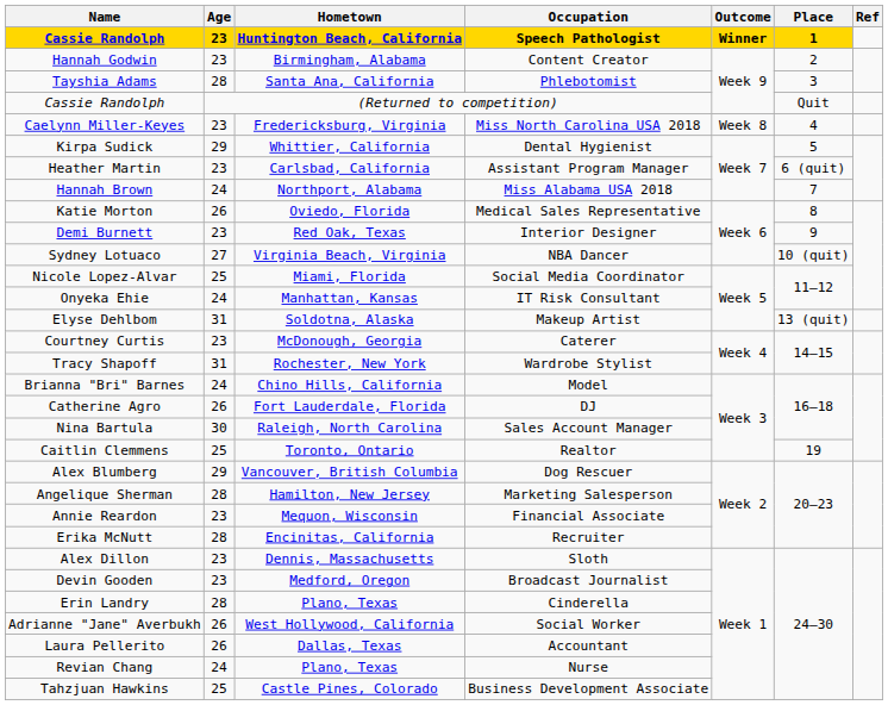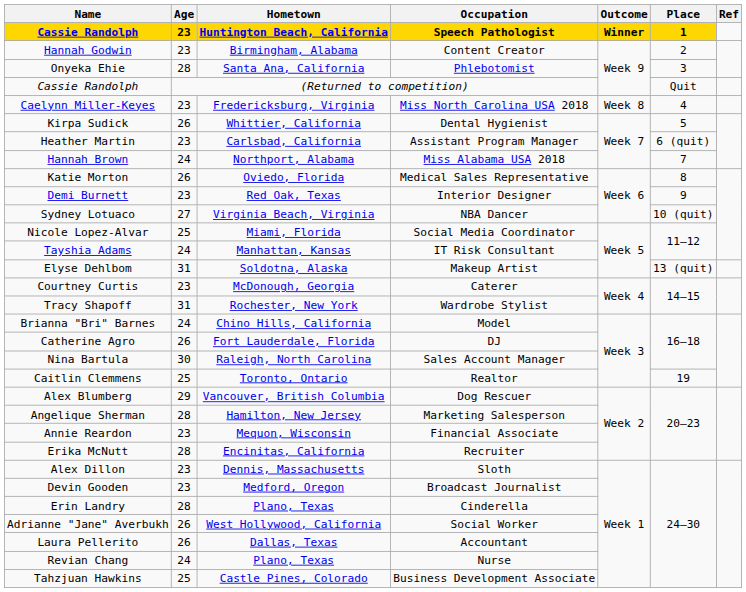 <table class="wikitable sortable" style="text-align:center;">
 <tr>
 <th>Name</th>
 <th>Age</th>
 <th>Hometown</th>
 <th>Occupation</th>
 <th>Outcome</th>
 <th>Place</th>
 <th>Ref</th>
 </tr>
 <tr>
 <td bgcolor="gold"><strong><a href='#'>Cassie Randolph</a></strong></td>
 <td bgcolor="gold"><strong>23</strong></td>
 <td bgcolor="gold"><strong><a href='#'>Huntington Beach, California</a></strong></td>
 <td bgcolor="gold"><strong>Speech Pathologist</strong></td>
 <td bgcolor="gold"><strong>Winner</strong></td>
 <td bgcolor="gold"><strong>1</strong></td>
 <td></td>
 </tr>
 <tr>
 <td><a href='#'>Hannah Godwin</a></td>
 <td>23</td>
 <td><a href='#'>Birmingham, Alabama</a></td>
 <td>Content Creator</td>
 <td rowspan="3">Week 9</td>
 <td>2</td>
 <td rowspan="2"></td>
 </tr>
 <tr>
-<td><a href='#'>Tayshia Adams</a></td>
+<td>Onyeka Ehie</td>
 <td>28</td>
 <td><a href='#'>Santa Ana, California</a></td>
 <td><a href='#'>Phlebotomist</a></td>
 <td>3</td>
 </tr>
 <tr>
 <td><em>Cassie Randolph</em></td>
 <td colspan="3"><em>(Returned to competition)</em></td>
 <td>Quit</td>
 <td></td>
 </tr>
 <tr>
 <td><a href='#'>Caelynn Miller-Keyes</a></td>
 <td>23</td>
 <td><a href='#'>Fredericksburg, Virginia</a></td>
 <td><a href='#'>Miss North Carolina USA</a> 2018</td>
 <td>Week 8</td>
 <td>4</td>
 <td></td>
 </tr>
 <tr>
 <td>Kirpa Sudick</td>
-<td>29</td>
+<td>26</td>
 <td><a href='#'>Whittier, California</a></td>
 <td>Dental Hygienist</td>
 <td rowspan="3">Week 7</td>
 <td>5</td>
 <td rowspan="3"></td>
 </tr>
 <tr>
 <td>Heather Martin</td>
 <td>23</td>
 <td><a href='#'>Carlsbad, California</a></td>
 <td>Assistant Program Manager</td>
 <td>6 (quit)</td>
 </tr>
 <tr>
 <td><a href='#'>Hannah Brown</a></td>
 <td>24</td>
 <td><a href='#'>Northport, Alabama</a></td>
 <td><a href='#'>Miss Alabama USA</a> 2018</td>
 <td>7</td>
 </tr>
 <tr>
 <td>Katie Morton</td>
 <td>26</td>
 <td><a href='#'>Oviedo, Florida</a></td>
 <td>Medical Sales Representative</td>
 <td rowspan="3">Week 6</td>
 <td>8</td>
 <td rowspan="5"></td>
 </tr>
 <tr>
 <td><a href='#'>Demi Burnett</a></td>
 <td>23</td>
 <td><a href='#'>Red Oak, Texas</a></td>
 <td>Interior Designer</td>
 <td>9</td>
 </tr>
 <tr>
 <td>Sydney Lotuaco</td>
 <td>27</td>
 <td><a href='#'>Virginia Beach, Virginia</a></td>
 <td>NBA Dancer</td>
 <td>10 (quit)</td>
 </tr>
 <tr>
 <td>Nicole Lopez-Alvar</td>
 <td>25</td>
 <td><a href='#'>Miami, Florida</a></td>
 <td>Social Media Coordinator</td>
 <td rowspan="3">Week 5</td>
 <td rowspan="2">11–12</td>
 </tr>
 <tr>
-<td>Onyeka Ehie</td>
+<td><a href='#'>Tayshia Adams</a></td>
 <td>24</td>
 <td><a href='#'>Manhattan, Kansas</a></td>
 <td>IT Risk Consultant</td>
 </tr>
 <tr>
 <td>Elyse Dehlbom</td>
 <td>31</td>
 <td><a href='#'>Soldotna, Alaska</a></td>
 <td>Makeup Artist</td>
 <td>13 (quit)</td>
 <td></td>
 </tr>
 <tr>
 <td>Courtney Curtis</td>
 <td>23</td>
 <td><a href='#'>McDonough, Georgia</a></td>
 <td>Caterer</td>
 <td rowspan="2">Week 4</td>
 <td rowspan="2">14–15</td>
 <td rowspan="2"></td>
 </tr>
 <tr>
 <td>Tracy Shapoff</td>
 <td>31</td>
 <td><a href='#'>Rochester, New York</a></td>
 <td>Wardrobe Stylist</td>
 </tr>
 <tr>
 <td>Brianna "Bri" Barnes</td>
 <td>24</td>
 <td><a href='#'>Chino Hills, California</a></td>
 <td>Model</td>
 <td rowspan="4">Week 3</td>
 <td rowspan="3">16–18</td>
 <td rowspan="4"></td>
 </tr>
 <tr>
 <td>Catherine Agro</td>
 <td>26</td>
 <td><a href='#'>Fort Lauderdale, Florida</a></td>
 <td>DJ</td>
 </tr>
 <tr>
 <td>Nina Bartula</td>
 <td>30</td>
 <td><a href='#'>Raleigh, North Carolina</a></td>
 <td>Sales Account Manager</td>
 </tr>
 <tr>
 <td>Caitlin Clemmens</td>
 <td>25</td>
 <td><a href='#'>Toronto, Ontario</a></td>
 <td>Realtor</td>
 <td>19</td>
 </tr>
 <tr>
 <td>Alex Blumberg</td>
 <td>29</td>
 <td><a href='#'>Vancouver, British Columbia</a></td>
 <td>Dog Rescuer</td>
 <td rowspan="4">Week 2</td>
 <td rowspan="4">20–23</td>
 <td rowspan="4"></td>
 </tr>
 <tr>
 <td>Angelique Sherman</td>
 <td>28</td>
 <td><a href='#'>Hamilton, New Jersey</a></td>
 <td>Marketing Salesperson</td>
 </tr>
 <tr>
 <td>Annie Reardon</td>
 <td>23</td>
 <td><a href='#'>Mequon, Wisconsin</a></td>
 <td>Financial Associate</td>
 </tr>
 <tr>
 <td>Erika McNutt</td>
 <td>28</td>
 <td><a href='#'>Encinitas, California</a></td>
 <td>Recruiter</td>
 </tr>
 <tr>
 <td>Alex Dillon</td>
 <td>23</td>
 <td><a href='#'>Dennis, Massachusetts</a></td>
 <td>Sloth</td>
 <td rowspan="7">Week 1</td>
 <td rowspan="7">24–30</td>
 <td rowspan="7"></td>
 </tr>
 <tr>
 <td>Devin Gooden</td>
 <td>23</td>
 <td><a href='#'>Medford, Oregon</a></td>
 <td>Broadcast Journalist</td>
 </tr>
 <tr>
 <td>Erin Landry</td>
 <td>28</td>
 <td><a href='#'>Plano, Texas</a></td>
 <td>Cinderella</td>
 </tr>
 <tr>
 <td>Adrianne "Jane" Averbukh</td>
 <td>26</td>
 <td><a href='#'>West Hollywood, California</a></td>
 <td>Social Worker</td>
 </tr>
 <tr>
 <td>Laura Pellerito</td>
 <td>26</td>
 <td><a href='#'>Dallas, Texas</a></td>
 <td>Accountant</td>
 </tr>
 <tr>
 <td>Revian Chang</td>
 <td>24</td>
 <td><a href='#'>Plano, Texas</a></td>
 <td>Nurse</td>
 </tr>
 <tr>
 <td>Tahzjuan Hawkins</td>
 <td>25</td>
 <td><a href='#'>Castle Pines, Colorado</a></td>
 <td>Business Development Associate</td>
 </tr>
 </table>
